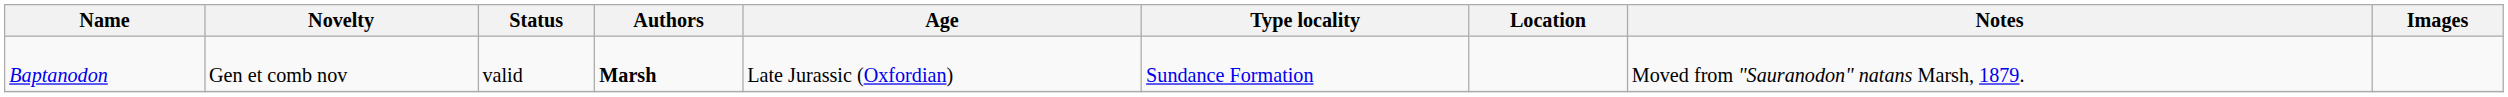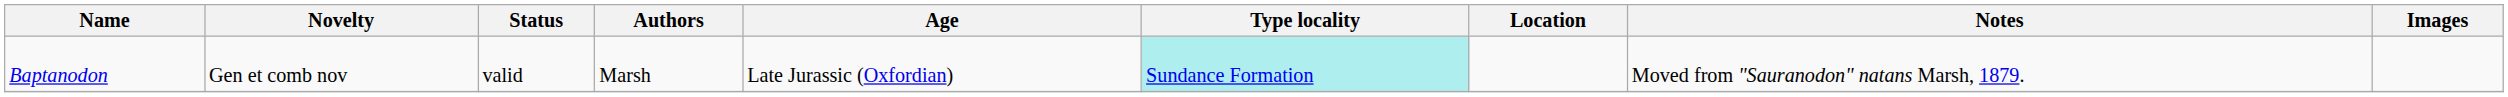 <table class="wikitable sortable" align="center" width="100%">
 <tr>
 <th>Name</th>
 <th>Novelty</th>
 <th>Status</th>
 <th>Authors</th>
 <th>Age</th>
 <th>Type locality</th>
 <th>Location</th>
 <th>Notes</th>
 <th>Images</th>
 </tr>
 <tr>
 <td><br><em><a href='#'>Baptanodon</a></em></td>
 <td><br>Gen et comb nov</td>
 <td><br>valid</td>
-<td><strong><br>Marsh</strong></td>
+<td><br>Marsh</td>
 <td><br>Late Jurassic (<a href='#'>Oxfordian</a>)</td>
-<td><br><a href='#'>Sundance Formation</a></td>
+<td style="background: paleturquoise;"><br><a href='#'>Sundance Formation</a></td>
 <td><br><br></td>
 <td><br>Moved from <em>"Sauranodon" natans</em> Marsh, <a href='#'>1879</a>.</td>
 <td><br></td>
 </tr>
 <tr>
 </tr>
 </table>
